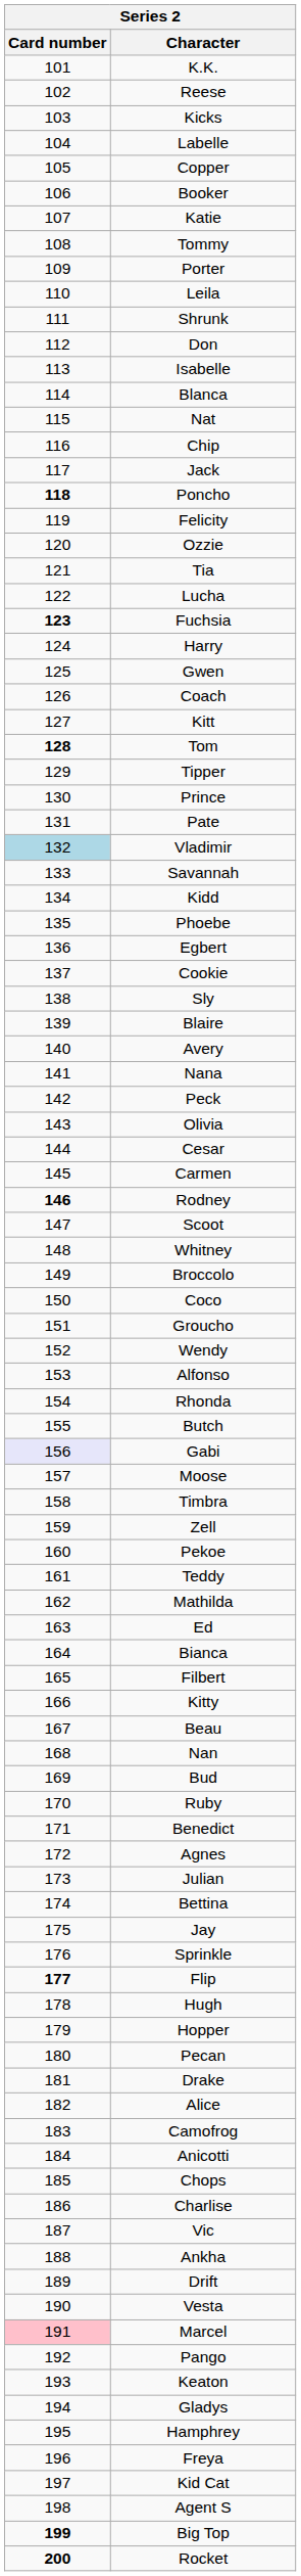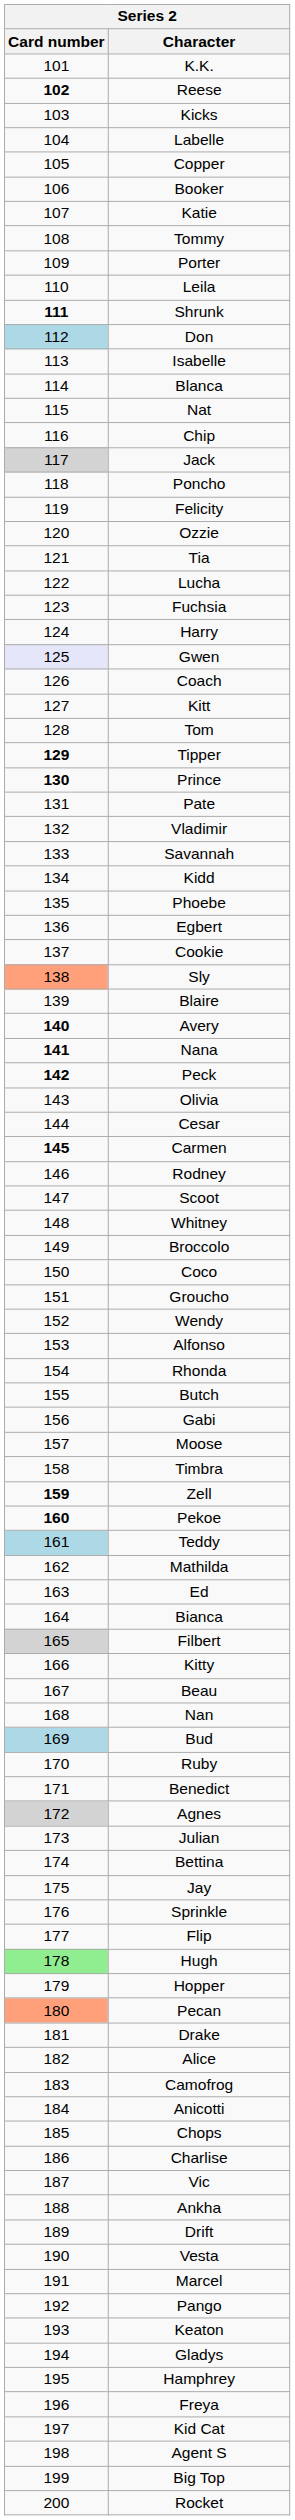 <table class="wikitable collapsible collapsed sortable" style="text-align:center;">
 <tr>
 <th colspan="2">Series 2</th>
 </tr>
 <tr>
 <th>Card number</th>
 <th style="width:180px">Character</th>
 </tr>
 <tr>
 <td>101</td>
 <td>K.K.</td>
 </tr>
 <tr>
-<td>102</td>
+<td><strong>102</strong></td>
 <td>Reese</td>
 </tr>
 <tr>
 <td>103</td>
 <td>Kicks</td>
 </tr>
 <tr>
 <td>104</td>
 <td>Labelle</td>
 </tr>
 <tr>
 <td>105</td>
 <td>Copper</td>
 </tr>
 <tr>
 <td>106</td>
 <td>Booker</td>
 </tr>
 <tr>
 <td>107</td>
 <td>Katie</td>
 </tr>
 <tr>
 <td>108</td>
 <td>Tommy</td>
 </tr>
 <tr>
 <td>109</td>
 <td>Porter</td>
 </tr>
 <tr>
 <td>110</td>
 <td>Leila</td>
 </tr>
 <tr>
-<td>111</td>
+<td><strong>111</strong></td>
 <td>Shrunk</td>
 </tr>
 <tr>
-<td>112</td>
+<td style="background: lightblue;">112</td>
 <td>Don</td>
 </tr>
 <tr>
 <td>113</td>
 <td>Isabelle</td>
 </tr>
 <tr>
 <td>114</td>
 <td>Blanca</td>
 </tr>
 <tr>
 <td>115</td>
 <td>Nat</td>
 </tr>
 <tr>
 <td>116</td>
 <td>Chip</td>
 </tr>
 <tr>
-<td>117</td>
+<td style="background: lightgrey;">117</td>
 <td>Jack</td>
 </tr>
 <tr>
-<td><strong>118</strong></td>
+<td>118</td>
 <td>Poncho</td>
 </tr>
 <tr>
 <td>119</td>
 <td>Felicity</td>
 </tr>
 <tr>
 <td>120</td>
 <td>Ozzie</td>
 </tr>
 <tr>
 <td>121</td>
 <td>Tia</td>
 </tr>
 <tr>
 <td>122</td>
 <td>Lucha</td>
 </tr>
 <tr>
-<td><strong>123</strong></td>
+<td>123</td>
 <td>Fuchsia</td>
 </tr>
 <tr>
 <td>124</td>
 <td>Harry</td>
 </tr>
 <tr>
-<td>125</td>
+<td style="background: lavender;">125</td>
 <td>Gwen</td>
 </tr>
 <tr>
 <td>126</td>
 <td>Coach</td>
 </tr>
 <tr>
 <td>127</td>
 <td>Kitt</td>
 </tr>
 <tr>
-<td><strong>128</strong></td>
+<td>128</td>
 <td>Tom</td>
 </tr>
 <tr>
-<td>129</td>
+<td><strong>129</strong></td>
 <td>Tipper</td>
 </tr>
 <tr>
-<td>130</td>
+<td><strong>130</strong></td>
 <td>Prince</td>
 </tr>
 <tr>
 <td>131</td>
 <td>Pate</td>
 </tr>
 <tr>
-<td style="background: lightblue;">132</td>
+<td>132</td>
 <td>Vladimir</td>
 </tr>
 <tr>
 <td>133</td>
 <td>Savannah</td>
 </tr>
 <tr>
 <td>134</td>
 <td>Kidd</td>
 </tr>
 <tr>
 <td>135</td>
 <td>Phoebe</td>
 </tr>
 <tr>
 <td>136</td>
 <td>Egbert</td>
 </tr>
 <tr>
 <td>137</td>
 <td>Cookie</td>
 </tr>
 <tr>
-<td>138</td>
+<td style="background: lightsalmon;">138</td>
 <td>Sly</td>
 </tr>
 <tr>
 <td>139</td>
 <td>Blaire</td>
 </tr>
 <tr>
-<td>140</td>
+<td><strong>140</strong></td>
 <td>Avery</td>
 </tr>
 <tr>
-<td>141</td>
+<td><strong>141</strong></td>
 <td>Nana</td>
 </tr>
 <tr>
-<td>142</td>
+<td><strong>142</strong></td>
 <td>Peck</td>
 </tr>
 <tr>
 <td>143</td>
 <td>Olivia</td>
 </tr>
 <tr>
 <td>144</td>
 <td>Cesar</td>
 </tr>
 <tr>
-<td>145</td>
+<td><strong>145</strong></td>
 <td>Carmen</td>
 </tr>
 <tr>
-<td><strong>146</strong></td>
+<td>146</td>
 <td>Rodney</td>
 </tr>
 <tr>
 <td>147</td>
 <td>Scoot</td>
 </tr>
 <tr>
 <td>148</td>
 <td>Whitney</td>
 </tr>
 <tr>
 <td>149</td>
 <td>Broccolo</td>
 </tr>
 <tr>
 <td>150</td>
 <td>Coco</td>
 </tr>
 <tr>
 <td>151</td>
 <td>Groucho</td>
 </tr>
 <tr>
 <td>152</td>
 <td>Wendy</td>
 </tr>
 <tr>
 <td>153</td>
 <td>Alfonso</td>
 </tr>
 <tr>
 <td>154</td>
 <td>Rhonda</td>
 </tr>
 <tr>
 <td>155</td>
 <td>Butch</td>
 </tr>
 <tr>
-<td style="background: lavender;">156</td>
+<td>156</td>
 <td>Gabi</td>
 </tr>
 <tr>
 <td>157</td>
 <td>Moose</td>
 </tr>
 <tr>
 <td>158</td>
 <td>Timbra</td>
 </tr>
 <tr>
-<td>159</td>
+<td><strong>159</strong></td>
 <td>Zell</td>
 </tr>
 <tr>
-<td>160</td>
+<td><strong>160</strong></td>
 <td>Pekoe</td>
 </tr>
 <tr>
-<td>161</td>
+<td style="background: lightblue;">161</td>
 <td>Teddy</td>
 </tr>
 <tr>
 <td>162</td>
 <td>Mathilda</td>
 </tr>
 <tr>
 <td>163</td>
 <td>Ed</td>
 </tr>
 <tr>
 <td>164</td>
 <td>Bianca</td>
 </tr>
 <tr>
-<td>165</td>
+<td style="background: lightgrey;">165</td>
 <td>Filbert</td>
 </tr>
 <tr>
 <td>166</td>
 <td>Kitty</td>
 </tr>
 <tr>
 <td>167</td>
 <td>Beau</td>
 </tr>
 <tr>
 <td>168</td>
 <td>Nan</td>
 </tr>
 <tr>
-<td>169</td>
+<td style="background: lightblue;">169</td>
 <td>Bud</td>
 </tr>
 <tr>
 <td>170</td>
 <td>Ruby</td>
 </tr>
 <tr>
 <td>171</td>
 <td>Benedict</td>
 </tr>
 <tr>
-<td>172</td>
+<td style="background: lightgrey;">172</td>
 <td>Agnes</td>
 </tr>
 <tr>
 <td>173</td>
 <td>Julian</td>
 </tr>
 <tr>
 <td>174</td>
 <td>Bettina</td>
 </tr>
 <tr>
 <td>175</td>
 <td>Jay</td>
 </tr>
 <tr>
 <td>176</td>
 <td>Sprinkle</td>
 </tr>
 <tr>
-<td><strong>177</strong></td>
+<td>177</td>
 <td>Flip</td>
 </tr>
 <tr>
-<td>178</td>
+<td style="background: lightgreen;">178</td>
 <td>Hugh</td>
 </tr>
 <tr>
 <td>179</td>
 <td>Hopper</td>
 </tr>
 <tr>
-<td>180</td>
+<td style="background: lightsalmon;">180</td>
 <td>Pecan</td>
 </tr>
 <tr>
 <td>181</td>
 <td>Drake</td>
 </tr>
 <tr>
 <td>182</td>
 <td>Alice</td>
 </tr>
 <tr>
 <td>183</td>
 <td>Camofrog</td>
 </tr>
 <tr>
 <td>184</td>
 <td>Anicotti</td>
 </tr>
 <tr>
 <td>185</td>
 <td>Chops</td>
 </tr>
 <tr>
 <td>186</td>
 <td>Charlise</td>
 </tr>
 <tr>
 <td>187</td>
 <td>Vic</td>
 </tr>
 <tr>
 <td>188</td>
 <td>Ankha</td>
 </tr>
 <tr>
 <td>189</td>
 <td>Drift</td>
 </tr>
 <tr>
 <td>190</td>
 <td>Vesta</td>
 </tr>
 <tr>
-<td style="background: pink;">191</td>
+<td>191</td>
 <td>Marcel</td>
 </tr>
 <tr>
 <td>192</td>
 <td>Pango</td>
 </tr>
 <tr>
 <td>193</td>
 <td>Keaton</td>
 </tr>
 <tr>
 <td>194</td>
 <td>Gladys</td>
 </tr>
 <tr>
 <td>195</td>
 <td>Hamphrey</td>
 </tr>
 <tr>
 <td>196</td>
 <td>Freya</td>
 </tr>
 <tr>
 <td>197</td>
 <td>Kid Cat</td>
 </tr>
 <tr>
 <td>198</td>
 <td>Agent S</td>
 </tr>
 <tr>
-<td><strong>199</strong></td>
+<td>199</td>
 <td>Big Top</td>
 </tr>
 <tr>
-<td><strong>200</strong></td>
+<td>200</td>
 <td>Rocket</td>
 </tr>
 </table>
